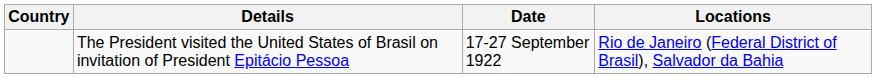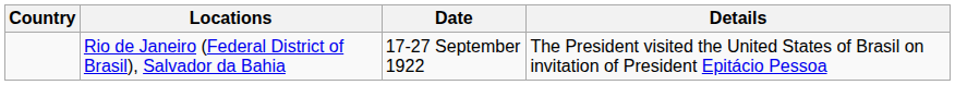 <table class="wikitable">
 <tr>
 <th>Country</th>
+<th>Locations</th>
+<th>Date</th>
 <th>Details</th>
-<th>Date</th>
-<th>Locations</th>
 </tr>
 <tr>
 <td></td>
+<td><a href='#'>Rio de Janeiro</a> (<a href='#'>Federal District of Brasil</a>), <a href='#'>Salvador da Bahia</a></td>
+<td>17-27 September 1922</td>
 <td>The President visited the United States of Brasil on invitation of President <a href='#'>Epitácio Pessoa</a></td>
-<td>17-27 September 1922</td>
-<td><a href='#'>Rio de Janeiro</a> (<a href='#'>Federal District of Brasil</a>), <a href='#'>Salvador da Bahia</a></td>
 </tr>
 </table>
